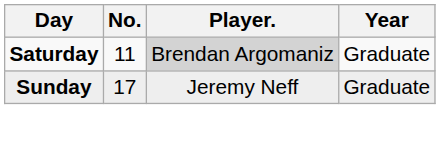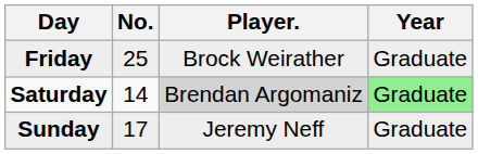 <table class="wikitable non-sortable">
 <tr>
 <th style="text-align:center; ">Day</th>
 <th style="text-align:center; ">No.</th>
 <th style="text-align:center; ">Player.</th>
 <th style="text-align:center; ">Year</th>
 </tr>
+<tr style="background:#eeeeee;text-align:center;">
+<td><strong>Friday</strong></td>
+<td>25</td>
+<td>Brock Weirather</td>
+<td>Graduate</td>
+</tr>
 <tr style="text-align:center;">
 <td><strong>Saturday</strong></td>
-<td>11</td>
+<td>14</td>
 <td style="background: lightgrey;">Brendan Argomaniz</td>
-<td>Graduate</td>
+<td style="background: lightgreen;">Graduate</td>
 </tr>
 <tr style="background:#eeeeee;text-align:center;">
 <td><strong>Sunday</strong></td>
 <td>17</td>
 <td>Jeremy Neff</td>
 <td>Graduate</td>
 </tr>
 </table>
